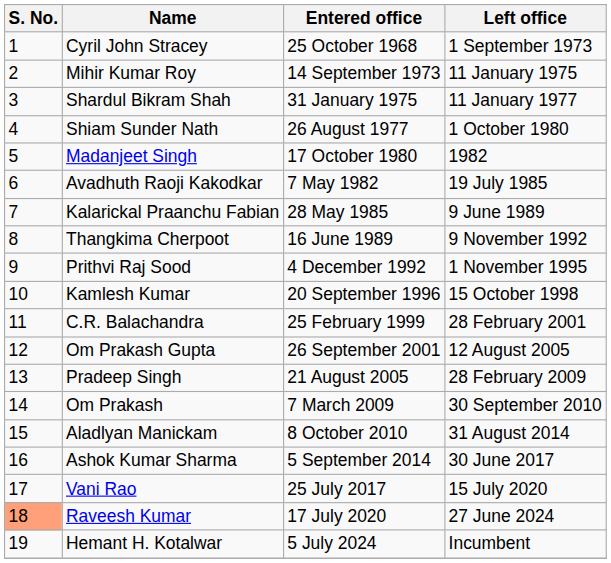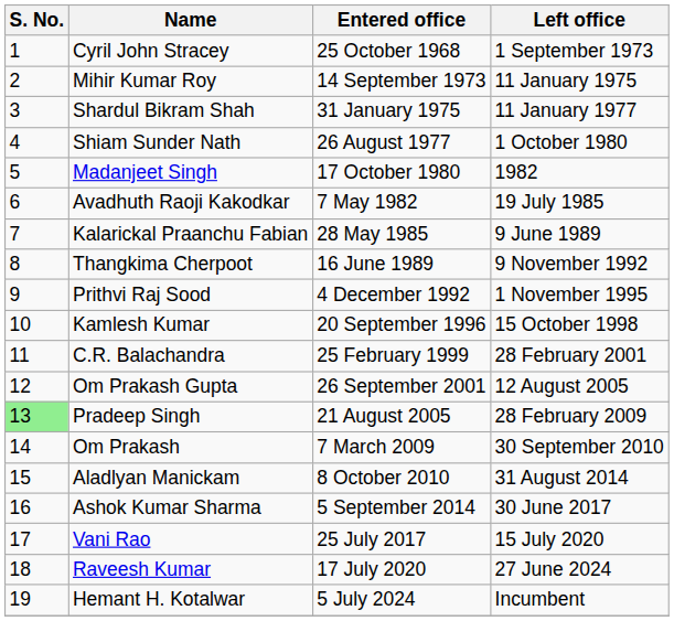 <table class="wikitable">
 <tr>
 <th>S. No.</th>
 <th>Name</th>
 <th>Entered office</th>
 <th>Left office</th>
 </tr>
 <tr>
 <td>1</td>
 <td>Cyril John Stracey</td>
 <td>25 October 1968</td>
 <td>1 September 1973</td>
 </tr>
 <tr>
 <td>2</td>
 <td>Mihir Kumar Roy</td>
 <td>14 September 1973</td>
 <td>11 January 1975</td>
 </tr>
 <tr>
 <td>3</td>
 <td>Shardul Bikram Shah</td>
 <td>31 January 1975</td>
 <td>11 January 1977</td>
 </tr>
 <tr>
 <td>4</td>
 <td>Shiam Sunder Nath</td>
 <td>26 August 1977</td>
 <td>1 October 1980</td>
 </tr>
 <tr>
 <td>5</td>
 <td><a href='#'>Madanjeet Singh</a></td>
 <td>17 October 1980</td>
 <td>1982</td>
 </tr>
 <tr>
 <td>6</td>
 <td>Avadhuth Raoji Kakodkar</td>
 <td>7 May 1982</td>
 <td>19 July 1985</td>
 </tr>
 <tr>
 <td>7</td>
 <td>Kalarickal Praanchu Fabian</td>
 <td>28 May 1985</td>
 <td>9 June 1989</td>
 </tr>
 <tr>
 <td>8</td>
 <td>Thangkima Cherpoot</td>
 <td>16 June 1989</td>
 <td>9 November 1992</td>
 </tr>
 <tr>
 <td>9</td>
 <td>Prithvi Raj Sood</td>
 <td>4 December 1992</td>
 <td>1 November 1995</td>
 </tr>
 <tr>
 <td>10</td>
 <td>Kamlesh Kumar</td>
 <td>20 September 1996</td>
 <td>15 October 1998</td>
 </tr>
 <tr>
 <td>11</td>
 <td>C.R. Balachandra</td>
 <td>25 February 1999</td>
 <td>28 February 2001</td>
 </tr>
 <tr>
 <td>12</td>
 <td>Om Prakash Gupta</td>
 <td>26 September 2001</td>
 <td>12 August 2005</td>
 </tr>
 <tr>
-<td>13</td>
+<td style="background: lightgreen;">13</td>
 <td>Pradeep Singh</td>
 <td>21 August 2005</td>
 <td>28 February 2009</td>
 </tr>
 <tr>
 <td>14</td>
 <td>Om Prakash</td>
 <td>7 March 2009</td>
 <td>30 September  2010</td>
 </tr>
 <tr>
 <td>15</td>
 <td>Aladlyan Manickam</td>
 <td>8 October 2010</td>
 <td>31 August 2014</td>
 </tr>
 <tr>
 <td>16</td>
 <td>Ashok Kumar Sharma</td>
 <td>5 September 2014</td>
 <td>30 June 2017</td>
 </tr>
 <tr>
 <td>17</td>
 <td><a href='#'>Vani Rao</a></td>
 <td>25 July 2017</td>
 <td>15 July 2020</td>
 </tr>
 <tr>
-<td style="background: lightsalmon;">18</td>
+<td>18</td>
 <td><a href='#'>Raveesh Kumar</a></td>
 <td>17 July 2020</td>
 <td>27 June 2024</td>
 </tr>
 <tr>
 <td>19</td>
 <td>Hemant H. Kotalwar</td>
 <td>5 July 2024</td>
 <td>Incumbent</td>
 </tr>
 <tr>
 </tr>
 </table>
